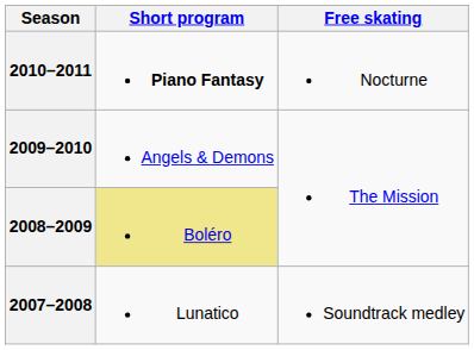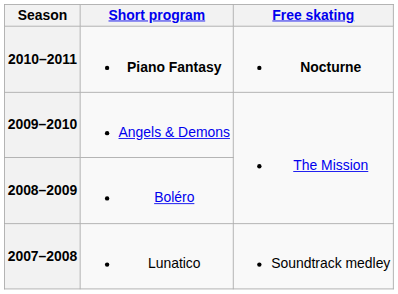 <table class="wikitable" style="text-align:center">
 <tr>
 <th>Season</th>
 <th><a href='#'>Short program</a></th>
 <th><a href='#'>Free skating</a></th>
 </tr>
 <tr>
 <th>2010–2011 <br> </th>
 <td><strong><br><ul><li>Piano Fantasy <br></li></ul></strong></td>
-<td><br><ul><li>Nocturne <br></li></ul></td>
+<td><strong><br><ul><li>Nocturne <br></li></ul></strong></td>
 </tr>
 <tr>
 <th>2009–2010 <br> </th>
 <td><br><ul><li><a href='#'>Angels & Demons</a> <br></li></ul></td>
 <td rowspan=2><br><ul><li><a href='#'>The Mission</a> <br></li></ul></td>
 </tr>
 <tr>
 <th>2008–2009 <br> </th>
-<td style="background: khaki;"><br><ul><li><a href='#'>Boléro</a> <br></li></ul></td>
+<td><br><ul><li><a href='#'>Boléro</a> <br></li></ul></td>
 </tr>
 <tr>
 <th>2007–2008 <br> </th>
 <td><br><ul><li>Lunatico <br></li></ul></td>
 <td><br><ul><li>Soundtrack medley <br></li></ul></td>
 </tr>
 </table>
